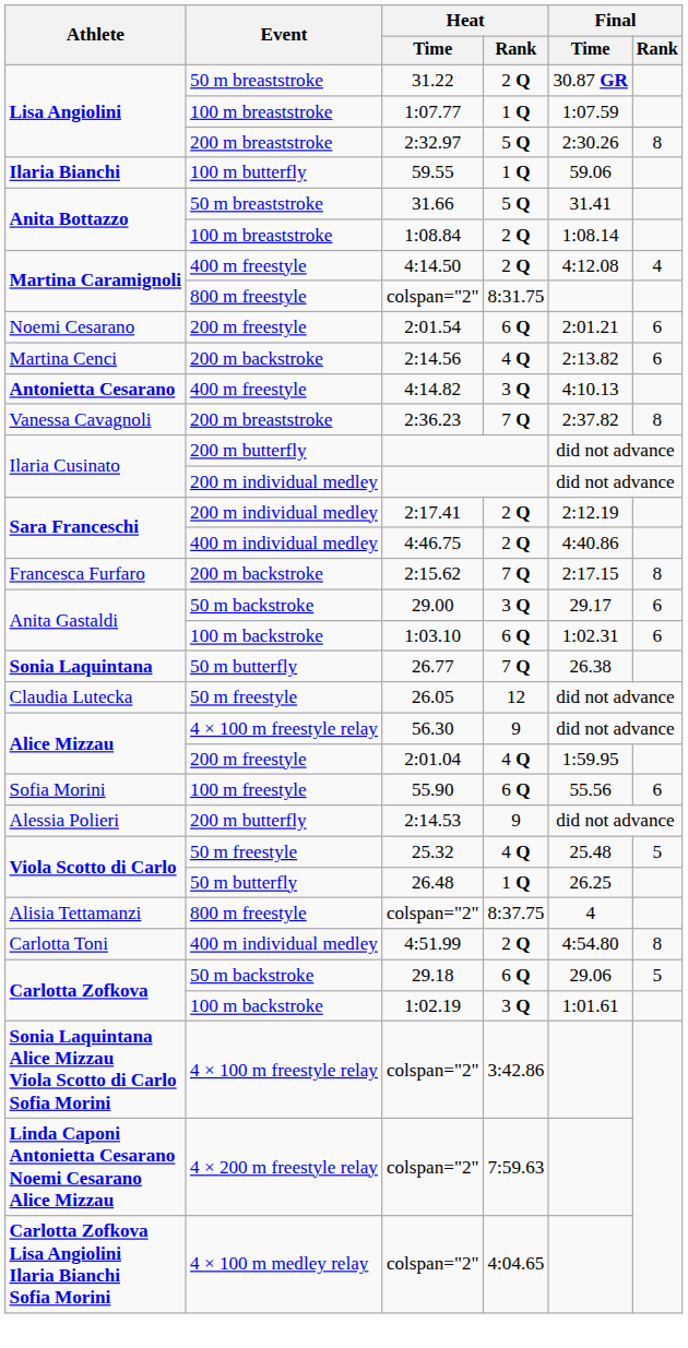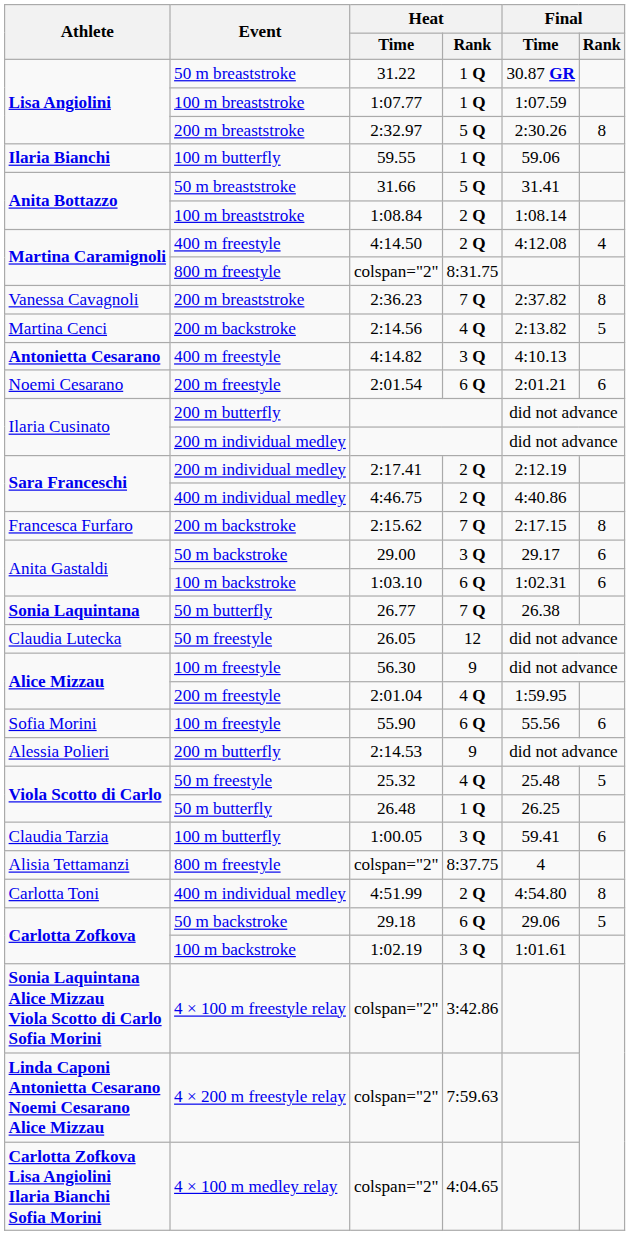 <table class=wikitable style="font-size:90%">
 <tr>
 <th rowspan="2">Athlete</th>
 <th rowspan="2">Event</th>
 <th colspan="2">Heat</th>
 <th colspan="2">Final</th>
 </tr>
 <tr style="font-size:95%">
 <th>Time</th>
 <th>Rank</th>
 <th>Time</th>
 <th>Rank</th>
 </tr>
 <tr align=center>
 <td align=left rowspan="3"><strong><a href='#'>Lisa Angiolini</a></strong></td>
 <td align=left><a href='#'>50 m breaststroke</a></td>
 <td>31.22</td>
-<td>2 <strong>Q</strong></td>
+<td>1 <strong>Q</strong></td>
 <td>30.87 <strong><a href='#'>GR</a></strong></td>
 <td></td>
 </tr>
 <tr align=center>
 <td align=left><a href='#'>100 m breaststroke</a></td>
 <td>1:07.77</td>
 <td>1 <strong>Q</strong></td>
 <td>1:07.59</td>
 <td></td>
 </tr>
 <tr align=center>
 <td align=left><a href='#'>200 m breaststroke</a></td>
 <td>2:32.97</td>
 <td>5 <strong>Q</strong></td>
 <td>2:30.26</td>
 <td>8</td>
 </tr>
 <tr align=center>
 <td align=left><strong><a href='#'>Ilaria Bianchi</a></strong></td>
 <td align=left><a href='#'>100 m butterfly</a></td>
 <td>59.55</td>
 <td>1 <strong>Q</strong></td>
 <td>59.06</td>
 <td></td>
 </tr>
 <tr align=center>
 <td align=left rowspan="2"><strong><a href='#'>Anita Bottazzo</a></strong></td>
 <td align=left><a href='#'>50 m breaststroke</a></td>
 <td>31.66</td>
 <td>5 <strong>Q</strong></td>
 <td>31.41</td>
 <td></td>
 </tr>
 <tr align=center>
 <td align=left><a href='#'>100 m breaststroke</a></td>
 <td>1:08.84</td>
 <td>2 <strong>Q</strong></td>
 <td>1:08.14</td>
 <td></td>
 </tr>
 <tr align=center>
 <td align=left rowspan="2"><strong><a href='#'>Martina Caramignoli</a></strong></td>
 <td align=left><a href='#'>400 m freestyle</a></td>
 <td>4:14.50</td>
 <td>2 <strong>Q</strong></td>
 <td>4:12.08</td>
 <td>4</td>
 </tr>
 <tr align=center>
 <td align=left><a href='#'>800 m freestyle</a></td>
 <td>colspan="2" </td>
 <td>8:31.75</td>
 <td></td>
 </tr>
 <tr align=center>
-<td align=left><a href='#'>Noemi Cesarano</a></td>
-<td align=left><a href='#'>200 m freestyle</a></td>
-<td>2:01.54</td>
-<td>6 <strong>Q</strong></td>
-<td>2:01.21</td>
-<td>6</td>
+<td align=left><a href='#'>Vanessa Cavagnoli</a></td>
+<td align=left><a href='#'>200 m breaststroke</a></td>
+<td>2:36.23</td>
+<td>7 <strong>Q</strong></td>
+<td>2:37.82</td>
+<td>8</td>
 </tr>
 <tr align=center>
 <td align=left><a href='#'>Martina Cenci</a></td>
 <td align=left><a href='#'>200 m backstroke</a></td>
 <td>2:14.56</td>
 <td>4 <strong>Q</strong></td>
 <td>2:13.82</td>
-<td>6</td>
+<td>5</td>
 </tr>
 <tr align=center>
 <td align=left><strong><a href='#'>Antonietta Cesarano</a></strong></td>
 <td align=left><a href='#'>400 m freestyle</a></td>
 <td>4:14.82</td>
 <td>3 <strong>Q</strong></td>
 <td>4:10.13</td>
 <td></td>
 </tr>
 <tr align=center>
-<td align=left><a href='#'>Vanessa Cavagnoli</a></td>
-<td align=left><a href='#'>200 m breaststroke</a></td>
-<td>2:36.23</td>
-<td>7 <strong>Q</strong></td>
-<td>2:37.82</td>
-<td>8</td>
+<td align=left><a href='#'>Noemi Cesarano</a></td>
+<td align=left><a href='#'>200 m freestyle</a></td>
+<td>2:01.54</td>
+<td>6 <strong>Q</strong></td>
+<td>2:01.21</td>
+<td>6</td>
 </tr>
 <tr align=center>
 <td align=left rowspan="2"><a href='#'>Ilaria Cusinato</a></td>
 <td align=left><a href='#'>200 m butterfly</a></td>
 <td colspan="2"></td>
 <td colspan="2">did not advance</td>
 </tr>
 <tr align=center>
 <td align=left><a href='#'>200 m individual medley</a></td>
 <td colspan="2"></td>
 <td colspan="2">did not advance</td>
 </tr>
 <tr align=center>
 <td align=left rowspan="2"><strong><a href='#'>Sara Franceschi</a></strong></td>
 <td align=left><a href='#'>200 m individual medley</a></td>
 <td>2:17.41</td>
 <td>2 <strong>Q</strong></td>
 <td>2:12.19</td>
 <td></td>
 </tr>
 <tr align=center>
 <td align=left><a href='#'>400 m individual medley</a></td>
 <td>4:46.75</td>
 <td>2 <strong>Q</strong></td>
 <td>4:40.86</td>
 <td></td>
 </tr>
 <tr align=center>
 <td align=left><a href='#'>Francesca Furfaro</a></td>
 <td align=left><a href='#'>200 m backstroke</a></td>
 <td>2:15.62</td>
 <td>7 <strong>Q</strong></td>
 <td>2:17.15</td>
 <td>8</td>
 </tr>
 <tr align=center>
 <td align=left rowspan="2"><a href='#'>Anita Gastaldi</a></td>
 <td align=left><a href='#'>50 m backstroke</a></td>
 <td>29.00</td>
 <td>3 <strong>Q</strong></td>
 <td>29.17</td>
 <td>6</td>
 </tr>
 <tr align=center>
 <td align=left><a href='#'>100 m backstroke</a></td>
 <td>1:03.10</td>
 <td>6 <strong>Q</strong></td>
 <td>1:02.31</td>
 <td>6</td>
 </tr>
 <tr align=center>
 <td align=left><strong><a href='#'>Sonia Laquintana</a></strong></td>
 <td align=left><a href='#'>50 m butterfly</a></td>
 <td>26.77</td>
 <td>7 <strong>Q</strong></td>
 <td>26.38</td>
 <td></td>
 </tr>
 <tr align=center>
 <td align=left><a href='#'>Claudia Lutecka</a></td>
 <td align=left><a href='#'>50 m freestyle</a></td>
 <td>26.05</td>
 <td>12</td>
 <td colspan="2">did not advance</td>
 </tr>
 <tr align=center>
 <td align=left rowspan="2"><strong><a href='#'>Alice Mizzau</a></strong></td>
-<td align=left><a href='#'>4 × 100 m freestyle relay</a></td>
+<td align=left><a href='#'>100 m freestyle</a></td>
 <td>56.30</td>
 <td>9</td>
 <td colspan="2">did not advance</td>
 </tr>
 <tr align=center>
 <td align=left><a href='#'>200 m freestyle</a></td>
 <td>2:01.04</td>
 <td>4 <strong>Q</strong></td>
 <td>1:59.95</td>
 <td></td>
 </tr>
 <tr align=center>
 <td align=left><a href='#'>Sofia Morini</a></td>
 <td align=left><a href='#'>100 m freestyle</a></td>
 <td>55.90</td>
 <td>6 <strong>Q</strong></td>
 <td>55.56</td>
 <td>6</td>
 </tr>
 <tr align=center>
 <td align=left><a href='#'>Alessia Polieri</a></td>
 <td align=left><a href='#'>200 m butterfly</a></td>
 <td>2:14.53</td>
 <td>9</td>
 <td colspan="2">did not advance</td>
 </tr>
 <tr align=center>
 <td align=left rowspan="2"><strong><a href='#'>Viola Scotto di Carlo</a></strong></td>
 <td align=left><a href='#'>50 m freestyle</a></td>
 <td>25.32</td>
 <td>4 <strong>Q</strong></td>
 <td>25.48</td>
 <td>5</td>
 </tr>
 <tr align=center>
 <td align=left><a href='#'>50 m butterfly</a></td>
 <td>26.48</td>
 <td>1 <strong>Q</strong></td>
 <td>26.25</td>
 <td></td>
+</tr>
+<tr align=center>
+<td align=left><a href='#'>Claudia Tarzia</a></td>
+<td align=left><a href='#'>100 m butterfly</a></td>
+<td>1:00.05</td>
+<td>3 <strong>Q</strong></td>
+<td>59.41</td>
+<td>6</td>
 </tr>
 <tr align=center>
 <td align=left><a href='#'>Alisia Tettamanzi</a></td>
 <td align=left><a href='#'>800 m freestyle</a></td>
 <td>colspan="2" </td>
 <td>8:37.75</td>
 <td>4</td>
 </tr>
 <tr align=center>
 <td align=left><a href='#'>Carlotta Toni</a></td>
 <td align=left><a href='#'>400 m individual medley</a></td>
 <td>4:51.99</td>
 <td>2 <strong>Q</strong></td>
 <td>4:54.80</td>
 <td>8</td>
 </tr>
 <tr align=center>
 <td align=left rowspan="2"><strong><a href='#'>Carlotta Zofkova</a></strong></td>
 <td align=left><a href='#'>50 m backstroke</a></td>
 <td>29.18</td>
 <td>6 <strong>Q</strong></td>
 <td>29.06</td>
 <td>5</td>
 </tr>
 <tr align=center>
 <td align=left><a href='#'>100 m backstroke</a></td>
 <td>1:02.19</td>
 <td>3 <strong>Q</strong></td>
 <td>1:01.61</td>
 <td></td>
 </tr>
 <tr align=center>
 <td align=left><strong><a href='#'>Sonia Laquintana</a><br><a href='#'>Alice Mizzau</a><br><a href='#'>Viola Scotto di Carlo</a><br><a href='#'>Sofia Morini</a></strong></td>
 <td align=left><a href='#'>4 × 100 m freestyle relay</a></td>
 <td>colspan="2" </td>
 <td>3:42.86</td>
 <td></td>
 </tr>
 <tr align=center>
 <td align=left><strong><a href='#'>Linda Caponi</a><br><a href='#'>Antonietta Cesarano</a><br><a href='#'>Noemi Cesarano</a><br><a href='#'>Alice Mizzau</a></strong></td>
 <td align=left><a href='#'>4 × 200 m freestyle relay</a></td>
 <td>colspan="2" </td>
 <td>7:59.63</td>
 <td></td>
 </tr>
 <tr align=center>
 <td align=left><strong><a href='#'>Carlotta Zofkova</a><br><a href='#'>Lisa Angiolini</a><br><a href='#'>Ilaria Bianchi</a><br><a href='#'>Sofia Morini</a></strong></td>
 <td align=left><a href='#'>4 × 100 m medley relay</a></td>
 <td>colspan="2" </td>
 <td>4:04.65</td>
 <td></td>
 </tr>
 </table>
